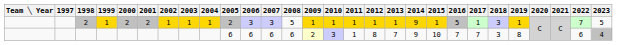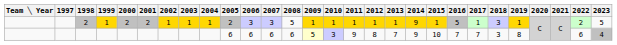 <table class=wikitable style="text-align:center; font-size:90%;">
 <tr>
 <th>Team ╲ Year</th>
 <th>1997</th>
 <th>1998</th>
 <th>1999</th>
 <th>2000</th>
 <th>2001</th>
 <th>2002</th>
 <th>2003</th>
 <th>2004</th>
 <th>2005</th>
 <th>2006</th>
 <th>2007</th>
 <th>2008</th>
 <th>2009</th>
 <th>2010</th>
 <th>2011</th>
 <th>2012</th>
 <th>2013</th>
 <th>2014</th>
 <th>2015</th>
 <th>2016</th>
 <th>2017</th>
 <th>2018</th>
 <th>2019</th>
 <th>2020</th>
 <th>2021</th>
 <th>2022</th>
 <th>2023</th>
 </tr>
 <tr>
 <td align=left><strong></strong></td>
 <td></td>
 <td bgcolor=silver>2</td>
 <td bgcolor=gold>1</td>
 <td bgcolor=silver>2</td>
 <td bgcolor=silver>2</td>
 <td bgcolor=gold>1</td>
 <td bgcolor=gold>1</td>
 <td bgcolor=gold>1</td>
 <td bgcolor=silver>2</td>
 <td bgcolor=ccccff>3</td>
 <td bgcolor=ccccff>3</td>
 <td>5</td>
 <td bgcolor=gold>1</td>
 <td bgcolor=gold>1</td>
 <td bgcolor=gold>1</td>
 <td bgcolor=gold>1</td>
 <td bgcolor=gold>1</td>
 <td bgcolor=gold>9</td>
 <td bgcolor=gold>1</td>
 <td bgcolor=silver>5</td>
 <td bgcolor=CCFFCC>1</td>
 <td bgcolor=ccccff>3</td>
 <td bgcolor=gold>1</td>
 <td bgcolor=D3D3D3 rowspan=3>C</td>
 <td bgcolor=D3D3D3 rowspan=3>C</td>
-<td bgcolor=CCFFCC>7</td>
+<td bgcolor=CCFFCC>2</td>
 <td>5</td>
 </tr>
 <tr>
 <td align=left><strong></strong></td>
 <td></td>
 <td></td>
 <td></td>
 <td></td>
 <td></td>
 <td></td>
 <td></td>
 <td></td>
 <td>6</td>
 <td>6</td>
 <td>6</td>
 <td>6</td>
-<td bgcolor=FFFFCC>2</td>
+<td bgcolor=FFFFCC>5</td>
 <td bgcolor=ccccff>3</td>
-<td>1</td>
+<td>9</td>
 <td>8</td>
 <td>7</td>
 <td>9</td>
 <td>10</td>
 <td>7</td>
 <td>7</td>
 <td>3</td>
 <td>8</td>
 <td>6</td>
 <td bgcolor=silver>4</td>
 </tr>
 </table>
